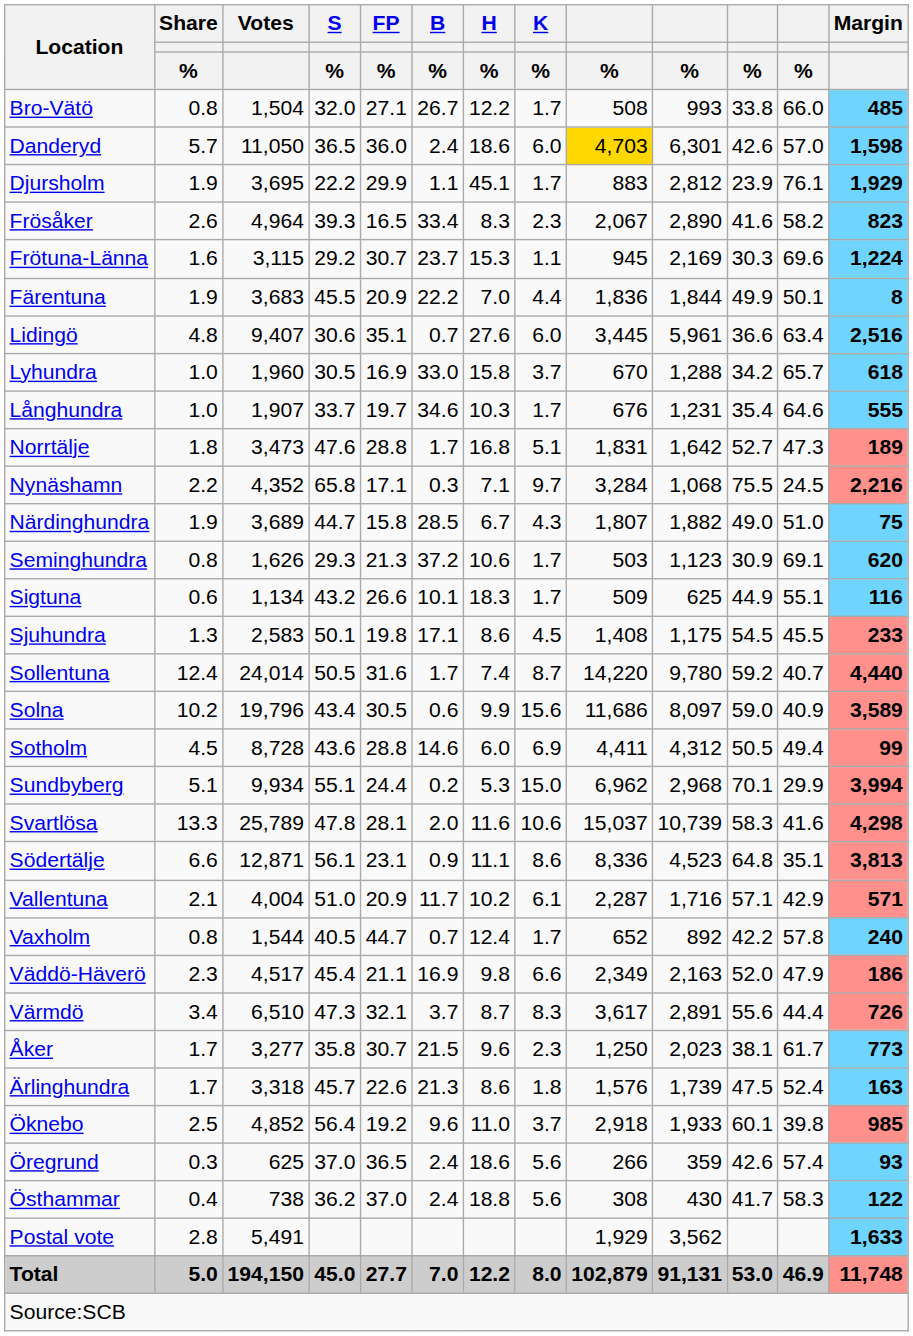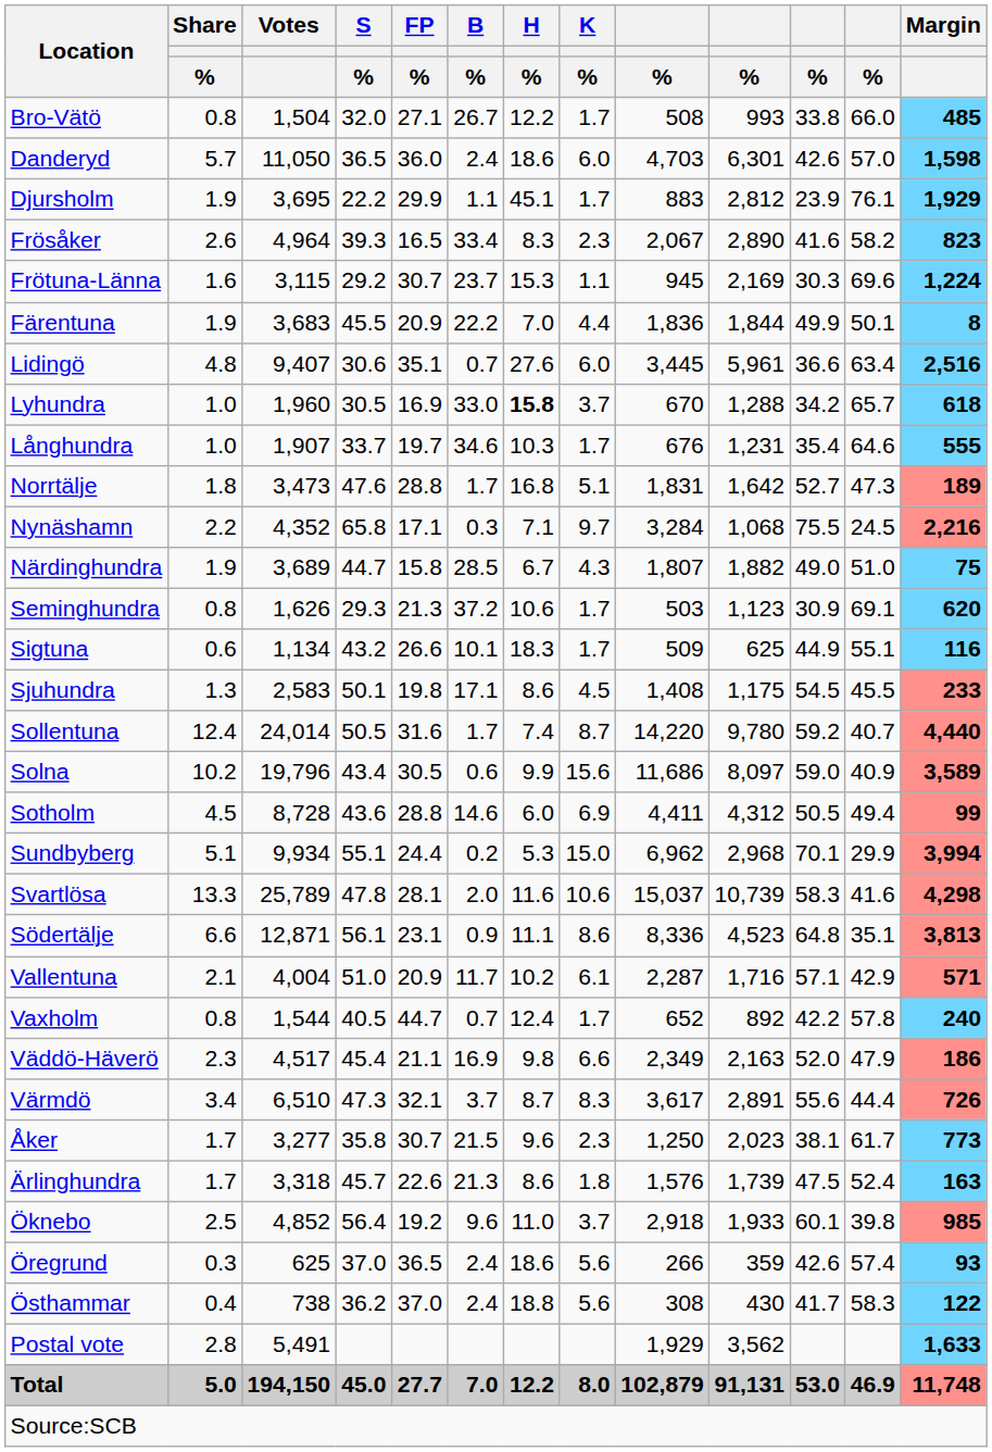 <table class="wikitable sortable" style="text-align:right; font-size:95%; line-height:20px;">
 <tr>
 <th rowspan="3">Location</th>
 <th>Share</th>
 <th>Votes</th>
 <th width="30px" class="unsortable"><a href='#'>S</a></th>
 <th width="30px" class="unsortable"><a href='#'>FP</a></th>
 <th width="30px" class="unsortable"><a href='#'>B</a></th>
 <th width="30px" class="unsortable"><a href='#'>H</a></th>
 <th width="30px" class="unsortable"><a href='#'>K</a></th>
 <th></th>
 <th></th>
 <th></th>
 <th></th>
 <th>Margin</th>
 </tr>
 <tr>
 <th></th>
 <th></th>
 <th style="background:"></th>
 <th style="background:"></th>
 <th style="background:"></th>
 <th style="background:"></th>
 <th style="background:"></th>
 <th style="background:"></th>
 <th style="background:"></th>
 <th style="background:"></th>
 <th style="background:"></th>
 <th></th>
 </tr>
 <tr>
 <th data-sort-type="number">%</th>
 <th></th>
 <th data-sort-type="number">%</th>
 <th data-sort-type="number">%</th>
 <th data-sort-type="number">%</th>
 <th data-sort-type="number">%</th>
 <th data-sort-type="number">%</th>
 <th data-sort-type="number">%</th>
 <th data-sort-type="number">%</th>
 <th data-sort-type="number">%</th>
 <th data-sort-type="number">%</th>
 <th data-sort-type="number"></th>
 </tr>
 <tr>
 <td align=left><a href='#'>Bro-Vätö</a></td>
 <td>0.8</td>
 <td>1,504</td>
 <td>32.0</td>
 <td>27.1</td>
 <td>26.7</td>
 <td>12.2</td>
 <td>1.7</td>
 <td>508</td>
 <td>993</td>
 <td>33.8</td>
 <td>66.0</td>
 <td bgcolor=#6fd5fe><strong>485</strong></td>
 </tr>
 <tr>
 <td align=left><a href='#'>Danderyd</a></td>
 <td>5.7</td>
 <td>11,050</td>
 <td>36.5</td>
 <td>36.0</td>
 <td>2.4</td>
 <td>18.6</td>
 <td>6.0</td>
-<td style="background: gold;">4,703</td>
+<td>4,703</td>
 <td>6,301</td>
 <td>42.6</td>
 <td>57.0</td>
 <td bgcolor=#6fd5fe><strong>1,598</strong></td>
 </tr>
 <tr>
 <td align=left><a href='#'>Djursholm</a></td>
 <td>1.9</td>
 <td>3,695</td>
 <td>22.2</td>
 <td>29.9</td>
 <td>1.1</td>
 <td>45.1</td>
 <td>1.7</td>
 <td>883</td>
 <td>2,812</td>
 <td>23.9</td>
 <td>76.1</td>
 <td bgcolor=#6fd5fe><strong>1,929</strong></td>
 </tr>
 <tr>
 <td align=left><a href='#'>Frösåker</a></td>
 <td>2.6</td>
 <td>4,964</td>
 <td>39.3</td>
 <td>16.5</td>
 <td>33.4</td>
 <td>8.3</td>
 <td>2.3</td>
 <td>2,067</td>
 <td>2,890</td>
 <td>41.6</td>
 <td>58.2</td>
 <td bgcolor=#6fd5fe><strong>823</strong></td>
 </tr>
 <tr>
 <td align=left><a href='#'>Frötuna-Länna</a></td>
 <td>1.6</td>
 <td>3,115</td>
 <td>29.2</td>
 <td>30.7</td>
 <td>23.7</td>
 <td>15.3</td>
 <td>1.1</td>
 <td>945</td>
 <td>2,169</td>
 <td>30.3</td>
 <td>69.6</td>
 <td bgcolor=#6fd5fe><strong>1,224</strong></td>
 </tr>
 <tr>
 <td align=left><a href='#'>Färentuna</a></td>
 <td>1.9</td>
 <td>3,683</td>
 <td>45.5</td>
 <td>20.9</td>
 <td>22.2</td>
 <td>7.0</td>
 <td>4.4</td>
 <td>1,836</td>
 <td>1,844</td>
 <td>49.9</td>
 <td>50.1</td>
 <td bgcolor=#6fd5fe><strong>8</strong></td>
 </tr>
 <tr>
 <td align=left><a href='#'>Lidingö</a></td>
 <td>4.8</td>
 <td>9,407</td>
 <td>30.6</td>
 <td>35.1</td>
 <td>0.7</td>
 <td>27.6</td>
 <td>6.0</td>
 <td>3,445</td>
 <td>5,961</td>
 <td>36.6</td>
 <td>63.4</td>
 <td bgcolor=#6fd5fe><strong>2,516</strong></td>
 </tr>
 <tr>
 <td align=left><a href='#'>Lyhundra</a></td>
 <td>1.0</td>
 <td>1,960</td>
 <td>30.5</td>
 <td>16.9</td>
 <td>33.0</td>
-<td>15.8</td>
+<td><strong>15.8</strong></td>
 <td>3.7</td>
 <td>670</td>
 <td>1,288</td>
 <td>34.2</td>
 <td>65.7</td>
 <td bgcolor=#6fd5fe><strong>618</strong></td>
 </tr>
 <tr>
 <td align=left><a href='#'>Långhundra</a></td>
 <td>1.0</td>
 <td>1,907</td>
 <td>33.7</td>
 <td>19.7</td>
 <td>34.6</td>
 <td>10.3</td>
 <td>1.7</td>
 <td>676</td>
 <td>1,231</td>
 <td>35.4</td>
 <td>64.6</td>
 <td bgcolor=#6fd5fe><strong>555</strong></td>
 </tr>
 <tr>
 <td align=left><a href='#'>Norrtälje</a></td>
 <td>1.8</td>
 <td>3,473</td>
 <td>47.6</td>
 <td>28.8</td>
 <td>1.7</td>
 <td>16.8</td>
 <td>5.1</td>
 <td>1,831</td>
 <td>1,642</td>
 <td>52.7</td>
 <td>47.3</td>
 <td bgcolor=#ff908c><strong>189</strong></td>
 </tr>
 <tr>
 <td align=left><a href='#'>Nynäshamn</a></td>
 <td>2.2</td>
 <td>4,352</td>
 <td>65.8</td>
 <td>17.1</td>
 <td>0.3</td>
 <td>7.1</td>
 <td>9.7</td>
 <td>3,284</td>
 <td>1,068</td>
 <td>75.5</td>
 <td>24.5</td>
 <td bgcolor=#ff908c><strong>2,216</strong></td>
 </tr>
 <tr>
 <td align=left><a href='#'>Närdinghundra</a></td>
 <td>1.9</td>
 <td>3,689</td>
 <td>44.7</td>
 <td>15.8</td>
 <td>28.5</td>
 <td>6.7</td>
 <td>4.3</td>
 <td>1,807</td>
 <td>1,882</td>
 <td>49.0</td>
 <td>51.0</td>
 <td bgcolor=#6fd5fe><strong>75</strong></td>
 </tr>
 <tr>
 <td align=left><a href='#'>Seminghundra</a></td>
 <td>0.8</td>
 <td>1,626</td>
 <td>29.3</td>
 <td>21.3</td>
 <td>37.2</td>
 <td>10.6</td>
 <td>1.7</td>
 <td>503</td>
 <td>1,123</td>
 <td>30.9</td>
 <td>69.1</td>
 <td bgcolor=#6fd5fe><strong>620</strong></td>
 </tr>
 <tr>
 <td align=left><a href='#'>Sigtuna</a></td>
 <td>0.6</td>
 <td>1,134</td>
 <td>43.2</td>
 <td>26.6</td>
 <td>10.1</td>
 <td>18.3</td>
 <td>1.7</td>
 <td>509</td>
 <td>625</td>
 <td>44.9</td>
 <td>55.1</td>
 <td bgcolor=#6fd5fe><strong>116</strong></td>
 </tr>
 <tr>
 <td align=left><a href='#'>Sjuhundra</a></td>
 <td>1.3</td>
 <td>2,583</td>
 <td>50.1</td>
 <td>19.8</td>
 <td>17.1</td>
 <td>8.6</td>
 <td>4.5</td>
 <td>1,408</td>
 <td>1,175</td>
 <td>54.5</td>
 <td>45.5</td>
 <td bgcolor=#ff908c><strong>233</strong></td>
 </tr>
 <tr>
 <td align=left><a href='#'>Sollentuna</a></td>
 <td>12.4</td>
 <td>24,014</td>
 <td>50.5</td>
 <td>31.6</td>
 <td>1.7</td>
 <td>7.4</td>
 <td>8.7</td>
 <td>14,220</td>
 <td>9,780</td>
 <td>59.2</td>
 <td>40.7</td>
 <td bgcolor=#ff908c><strong>4,440</strong></td>
 </tr>
 <tr>
 <td align=left><a href='#'>Solna</a></td>
 <td>10.2</td>
 <td>19,796</td>
 <td>43.4</td>
 <td>30.5</td>
 <td>0.6</td>
 <td>9.9</td>
 <td>15.6</td>
 <td>11,686</td>
 <td>8,097</td>
 <td>59.0</td>
 <td>40.9</td>
 <td bgcolor=#ff908c><strong>3,589</strong></td>
 </tr>
 <tr>
 <td align=left><a href='#'>Sotholm</a></td>
 <td>4.5</td>
 <td>8,728</td>
 <td>43.6</td>
 <td>28.8</td>
 <td>14.6</td>
 <td>6.0</td>
 <td>6.9</td>
 <td>4,411</td>
 <td>4,312</td>
 <td>50.5</td>
 <td>49.4</td>
 <td bgcolor=#ff908c><strong>99</strong></td>
 </tr>
 <tr>
 <td align=left><a href='#'>Sundbyberg</a></td>
 <td>5.1</td>
 <td>9,934</td>
 <td>55.1</td>
 <td>24.4</td>
 <td>0.2</td>
 <td>5.3</td>
 <td>15.0</td>
 <td>6,962</td>
 <td>2,968</td>
 <td>70.1</td>
 <td>29.9</td>
 <td bgcolor=#ff908c><strong>3,994</strong></td>
 </tr>
 <tr>
 <td align=left><a href='#'>Svartlösa</a></td>
 <td>13.3</td>
 <td>25,789</td>
 <td>47.8</td>
 <td>28.1</td>
 <td>2.0</td>
 <td>11.6</td>
 <td>10.6</td>
 <td>15,037</td>
 <td>10,739</td>
 <td>58.3</td>
 <td>41.6</td>
 <td bgcolor=#ff908c><strong>4,298</strong></td>
 </tr>
 <tr>
 <td align=left><a href='#'>Södertälje</a></td>
 <td>6.6</td>
 <td>12,871</td>
 <td>56.1</td>
 <td>23.1</td>
 <td>0.9</td>
 <td>11.1</td>
 <td>8.6</td>
 <td>8,336</td>
 <td>4,523</td>
 <td>64.8</td>
 <td>35.1</td>
 <td bgcolor=#ff908c><strong>3,813</strong></td>
 </tr>
 <tr>
 <td align=left><a href='#'>Vallentuna</a></td>
 <td>2.1</td>
 <td>4,004</td>
 <td>51.0</td>
 <td>20.9</td>
 <td>11.7</td>
 <td>10.2</td>
 <td>6.1</td>
 <td>2,287</td>
 <td>1,716</td>
 <td>57.1</td>
 <td>42.9</td>
 <td bgcolor=#ff908c><strong>571</strong></td>
 </tr>
 <tr>
 <td align=left><a href='#'>Vaxholm</a></td>
 <td>0.8</td>
 <td>1,544</td>
 <td>40.5</td>
 <td>44.7</td>
 <td>0.7</td>
 <td>12.4</td>
 <td>1.7</td>
 <td>652</td>
 <td>892</td>
 <td>42.2</td>
 <td>57.8</td>
 <td bgcolor=#6fd5fe><strong>240</strong></td>
 </tr>
 <tr>
 <td align=left><a href='#'>Väddö-Häverö</a></td>
 <td>2.3</td>
 <td>4,517</td>
 <td>45.4</td>
 <td>21.1</td>
 <td>16.9</td>
 <td>9.8</td>
 <td>6.6</td>
 <td>2,349</td>
 <td>2,163</td>
 <td>52.0</td>
 <td>47.9</td>
 <td bgcolor=#ff908c><strong>186</strong></td>
 </tr>
 <tr>
 <td align=left><a href='#'>Värmdö</a></td>
 <td>3.4</td>
 <td>6,510</td>
 <td>47.3</td>
 <td>32.1</td>
 <td>3.7</td>
 <td>8.7</td>
 <td>8.3</td>
 <td>3,617</td>
 <td>2,891</td>
 <td>55.6</td>
 <td>44.4</td>
 <td bgcolor=#ff908c><strong>726</strong></td>
 </tr>
 <tr>
 <td align=left><a href='#'>Åker</a></td>
 <td>1.7</td>
 <td>3,277</td>
 <td>35.8</td>
 <td>30.7</td>
 <td>21.5</td>
 <td>9.6</td>
 <td>2.3</td>
 <td>1,250</td>
 <td>2,023</td>
 <td>38.1</td>
 <td>61.7</td>
 <td bgcolor=#6fd5fe><strong>773</strong></td>
 </tr>
 <tr>
 <td align=left><a href='#'>Ärlinghundra</a></td>
 <td>1.7</td>
 <td>3,318</td>
 <td>45.7</td>
 <td>22.6</td>
 <td>21.3</td>
 <td>8.6</td>
 <td>1.8</td>
 <td>1,576</td>
 <td>1,739</td>
 <td>47.5</td>
 <td>52.4</td>
 <td bgcolor=#6fd5fe><strong>163</strong></td>
 </tr>
 <tr>
 <td align=left><a href='#'>Öknebo</a></td>
 <td>2.5</td>
 <td>4,852</td>
 <td>56.4</td>
 <td>19.2</td>
 <td>9.6</td>
 <td>11.0</td>
 <td>3.7</td>
 <td>2,918</td>
 <td>1,933</td>
 <td>60.1</td>
 <td>39.8</td>
 <td bgcolor=#ff908c><strong>985</strong></td>
 </tr>
 <tr>
 <td align=left><a href='#'>Öregrund</a></td>
 <td>0.3</td>
 <td>625</td>
 <td>37.0</td>
 <td>36.5</td>
 <td>2.4</td>
 <td>18.6</td>
 <td>5.6</td>
 <td>266</td>
 <td>359</td>
 <td>42.6</td>
 <td>57.4</td>
 <td bgcolor=#6fd5fe><strong>93</strong></td>
 </tr>
 <tr>
 <td align=left><a href='#'>Östhammar</a></td>
 <td>0.4</td>
 <td>738</td>
 <td>36.2</td>
 <td>37.0</td>
 <td>2.4</td>
 <td>18.8</td>
 <td>5.6</td>
 <td>308</td>
 <td>430</td>
 <td>41.7</td>
 <td>58.3</td>
 <td bgcolor=#6fd5fe><strong>122</strong></td>
 </tr>
 <tr>
 <td align=left><a href='#'>Postal vote</a></td>
 <td>2.8</td>
 <td>5,491</td>
 <td></td>
 <td></td>
 <td></td>
 <td></td>
 <td></td>
 <td>1,929</td>
 <td>3,562</td>
 <td></td>
 <td></td>
 <td bgcolor=#6fd5fe><strong>1,633</strong></td>
 </tr>
 <tr>
 </tr>
 <tr style="background:#CDCDCD;">
 <td align=left><strong>Total</strong></td>
 <td><strong>5.0</strong></td>
 <td><strong>194,150</strong></td>
 <td><strong>45.0</strong></td>
 <td><strong>27.7</strong></td>
 <td><strong>7.0</strong></td>
 <td><strong>12.2</strong></td>
 <td><strong>8.0</strong></td>
 <td><strong>102,879</strong></td>
 <td><strong>91,131</strong></td>
 <td><strong>53.0</strong></td>
 <td><strong>46.9</strong></td>
 <td bgcolor=#ff908c><strong>11,748</strong></td>
 </tr>
 <tr>
 <td align=left colspan=13>Source:SCB </td>
 </tr>
 </table>
